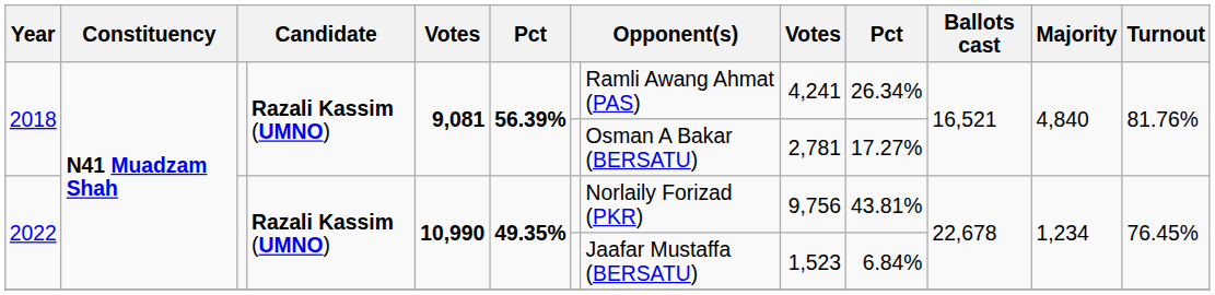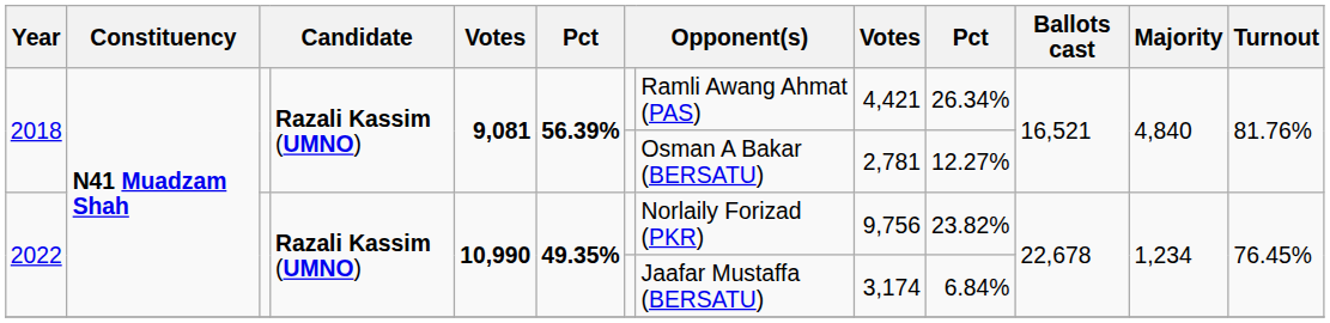 <table class="wikitable" style="margin:0.5em ; font-size:95%">
 <tr>
 <th>Year</th>
 <th>Constituency</th>
 <th colspan=2>Candidate</th>
 <th>Votes</th>
 <th>Pct</th>
 <th colspan=2>Opponent(s)</th>
 <th>Votes</th>
 <th>Pct</th>
 <th>Ballots cast</th>
 <th>Majority</th>
 <th>Turnout</th>
 </tr>
 <tr>
 <td rowspan=2><a href='#'>2018</a></td>
 <td rowspan=4><strong>N41 <a href='#'>Muadzam Shah</a></strong></td>
 <td rowspan=2 ></td>
 <td rowspan=2><strong>Razali Kassim</strong> (<a href='#'><strong>UMNO</strong></a>)</td>
 <td rowspan=2 align=right><strong>9,081</strong></td>
 <td rowspan=2><strong>56.39%</strong></td>
 <td></td>
 <td>Ramli Awang Ahmat (<a href='#'>PAS</a>)</td>
-<td align=right>4,241</td>
+<td align=right>4,421</td>
 <td>26.34%</td>
 <td rowspan=2>16,521</td>
 <td rowspan=2>4,840</td>
 <td rowspan=2>81.76%</td>
 </tr>
 <tr>
 <td></td>
 <td>Osman A Bakar (<a href='#'>BERSATU</a>)</td>
 <td align=right>2,781</td>
-<td>17.27%</td>
+<td>12.27%</td>
 </tr>
 <tr>
 <td rowspan=2><a href='#'>2022</a></td>
 <td rowspan=2 ></td>
 <td rowspan=2><strong>Razali Kassim</strong> (<a href='#'><strong>UMNO</strong></a>)</td>
 <td rowspan=2 align=right><strong>10,990</strong></td>
 <td rowspan=2><strong>49.35%</strong></td>
 <td bgcolor=></td>
 <td>Norlaily Forizad (<a href='#'>PKR</a>)</td>
 <td align=right>9,756</td>
-<td>43.81%</td>
+<td>23.82%</td>
 <td rowspan=2>22,678</td>
 <td rowspan=2>1,234</td>
 <td rowspan=2>76.45%</td>
 </tr>
 <tr>
 <td></td>
 <td>Jaafar Mustaffa (<a href='#'>BERSATU</a>)</td>
-<td align=right>1,523</td>
+<td align=right>3,174</td>
 <td align=right>6.84%</td>
 </tr>
 <tr>
 </tr>
 </table>
